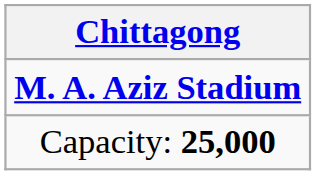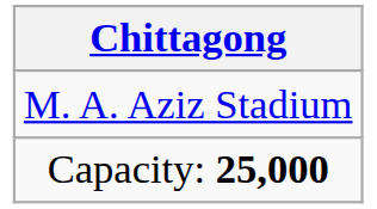 <table class="wikitable" style="text-align:center;margin:1em auto;">
 <tr>
 <th><a href='#'>Chittagong</a></th>
 </tr>
 <tr>
-<td><strong><a href='#'>M. A. Aziz Stadium</a></strong></td>
+<td><a href='#'>M. A. Aziz Stadium</a></td>
 </tr>
 <tr>
 <td>Capacity: <strong>25,000</strong></td>
 </tr>
 </table>
